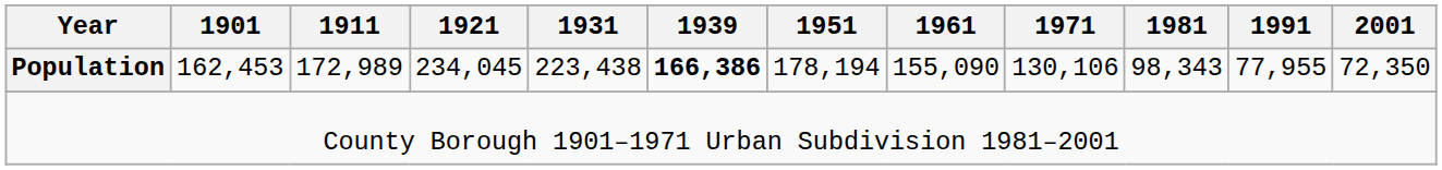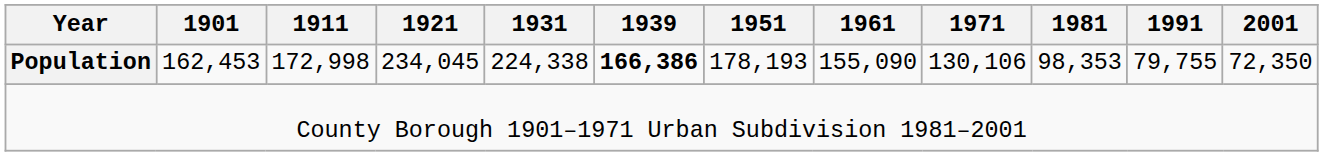 <table class="wikitable" style="margin: 1em auto; border:0; text-align:center; line-height:120%;">
 <tr>
 <th>Year</th>
 <th>1901</th>
 <th>1911</th>
 <th>1921</th>
 <th>1931</th>
 <th>1939</th>
 <th>1951</th>
 <th>1961</th>
 <th>1971</th>
 <th>1981</th>
 <th>1991</th>
 <th>2001</th>
 </tr>
 <tr style="text-align:center;">
 <th>Population</th>
 <td>162,453</td>
-<td>172,989</td>
+<td>172,998</td>
 <td>234,045</td>
-<td>223,438</td>
+<td>224,338</td>
 <td><strong>166,386</strong></td>
-<td>178,194</td>
+<td>178,193</td>
 <td>155,090</td>
 <td>130,106</td>
-<td>98,343</td>
-<td>77,955</td>
+<td>98,353</td>
+<td>79,755</td>
 <td>72,350</td>
 </tr>
 <tr>
 <td colspan="12" style="text-align:center;"><br>County Borough 1901–1971 Urban Subdivision 1981–2001</td>
 </tr>
 </table>
